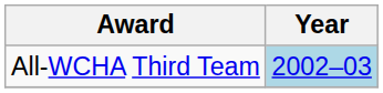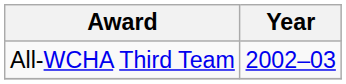 <table class="wikitable">
 <tr>
 <th>Award</th>
 <th>Year</th>
 </tr>
 <tr>
 <td>All-<a href='#'>WCHA</a> <a href='#'>Third Team</a></td>
-<td style="background: lightblue;"><a href='#'>2002–03</a></td>
+<td><a href='#'>2002–03</a></td>
 </tr>
 <tr>
 </tr>
 </table>
